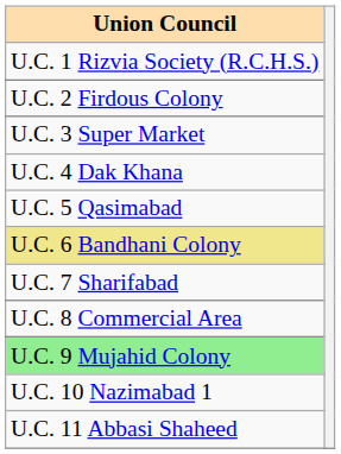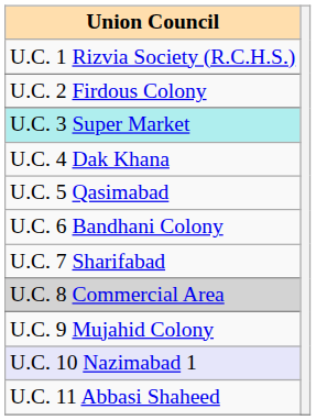 <table class="sortable wikitable" align="left">
 <tr>
 <th style="background:#ffdead;"><strong>Union Council</strong></th>
 <th rowspan="18" style="border-bottom:1px solid grey;" valign="top" class="unsortable"><br><br></th>
 </tr>
 <tr>
 <td style="border-bottom:1px solid grey;">U.C. 1 <a href='#'>Rizvia Society (R.C.H.S.)</a></td>
 </tr>
 <tr>
 <td style="border-bottom:1px solid grey;">U.C. 2 <a href='#'>Firdous Colony</a></td>
 </tr>
 <tr>
-<td>U.C. 3 <a href='#'>Super Market</a></td>
+<td style="background: paleturquoise;">U.C. 3 <a href='#'>Super Market</a></td>
 </tr>
 <tr>
 <td>U.C. 4 <a href='#'>Dak Khana</a></td>
 </tr>
 <tr>
 <td>U.C. 5 <a href='#'>Qasimabad</a></td>
 </tr>
 <tr>
-<td style="background: khaki;">U.C. 6 <a href='#'>Bandhani Colony</a></td>
+<td>U.C. 6 <a href='#'>Bandhani Colony</a></td>
 </tr>
 <tr>
 <td style="border-bottom:1px solid grey;">U.C. 7 <a href='#'>Sharifabad</a></td>
 </tr>
 <tr>
-<td style="border-bottom:1px solid grey;">U.C. 8 <a href='#'>Commercial Area</a></td>
+<td style="background: lightgrey; border-bottom:1px solid grey;">U.C. 8 <a href='#'>Commercial Area</a></td>
 </tr>
 <tr>
-<td style="background: lightgreen;">U.C. 9 <a href='#'>Mujahid Colony</a></td>
+<td>U.C. 9 <a href='#'>Mujahid Colony</a></td>
 </tr>
 <tr>
-<td>U.C. 10 <a href='#'>Nazimabad</a> 1</td>
+<td style="background: lavender;">U.C. 10 <a href='#'>Nazimabad</a> 1</td>
 </tr>
 <tr>
 <td style="border-bottom:1px solid grey;">U.C. 11 <a href='#'>Abbasi Shaheed</a></td>
 </tr>
 <tr>
 </tr>
 </table>
